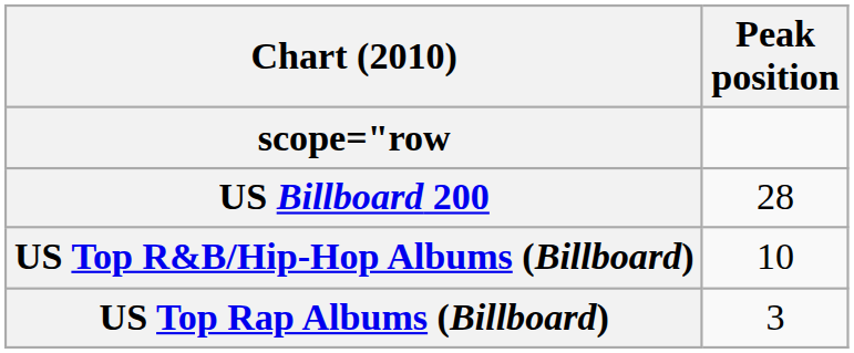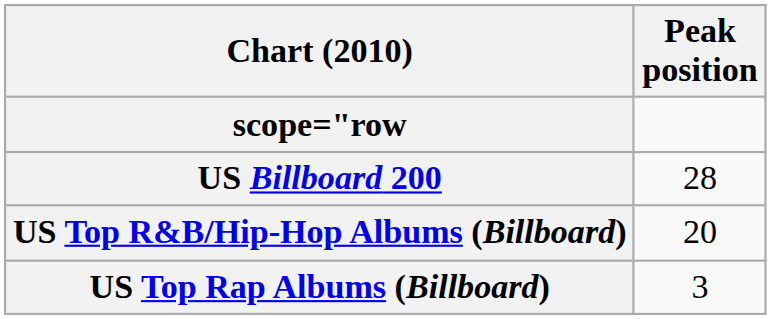 <table class="wikitable sortable plainrowheaders" style="text-align:center;">
 <tr>
 <th scope="col">Chart (2010)</th>
 <th scope="col">Peak<br>position</th>
 </tr>
 <tr>
 <th>scope="row </th>
 </tr>
 <tr>
 <th scope="row">US <a href='#'><em>Billboard</em> 200</a></th>
 <td style="text-align:center;">28</td>
 </tr>
 <tr>
 <th scope="row">US <a href='#'>Top R&B/Hip-Hop Albums</a> (<em>Billboard</em>)</th>
-<td style="text-align:center;">10</td>
+<td style="text-align:center;">20</td>
 </tr>
 <tr>
 <th scope="row">US <a href='#'>Top Rap Albums</a> (<em>Billboard</em>)</th>
 <td style="text-align:center;">3</td>
 </tr>
 </table>
